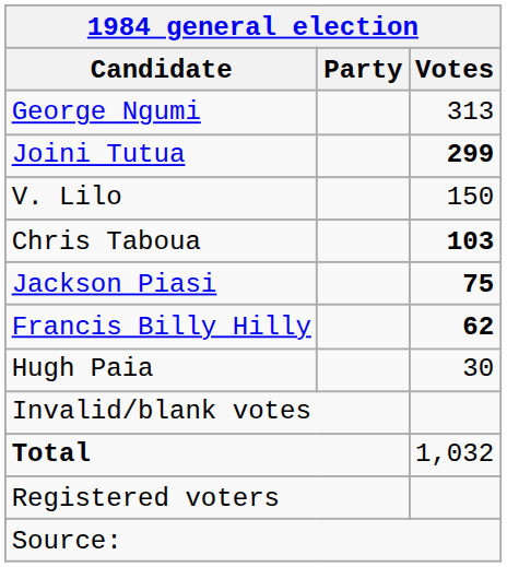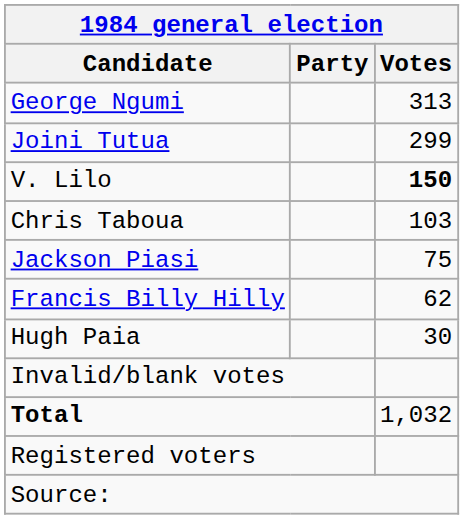 <table class=wikitable style=text-align:left>
 <tr>
 <th colspan=3><a href='#'>1984 general election</a></th>
 </tr>
 <tr>
 <th>Candidate</th>
 <th>Party</th>
 <th>Votes</th>
 </tr>
 <tr>
 <td><a href='#'>George Ngumi</a></td>
 <td></td>
 <td align=right>313</td>
 </tr>
 <tr>
 <td><a href='#'>Joini Tutua</a></td>
 <td></td>
-<td align=right><strong>299</strong></td>
+<td align=right>299</td>
 </tr>
 <tr>
 <td>V. Lilo</td>
 <td></td>
-<td align=right>150</td>
+<td align=right><strong>150</strong></td>
 </tr>
 <tr>
 <td>Chris Taboua</td>
 <td></td>
-<td align=right><strong>103</strong></td>
+<td align=right>103</td>
 </tr>
 <tr>
 <td><a href='#'>Jackson Piasi</a></td>
 <td></td>
-<td align=right><strong>75</strong></td>
+<td align=right>75</td>
 </tr>
 <tr>
 <td><a href='#'>Francis Billy Hilly</a></td>
 <td></td>
-<td align=right><strong>62</strong></td>
+<td align=right>62</td>
 </tr>
 <tr>
 <td>Hugh Paia</td>
 <td></td>
 <td align=right>30</td>
 </tr>
 <tr>
 <td colspan=2>Invalid/blank votes</td>
 <td></td>
 </tr>
 <tr>
 <td colspan=2><strong>Total</strong></td>
 <td align=right>1,032</td>
 </tr>
 <tr>
 <td colspan=2>Registered voters</td>
 <td align=right></td>
 </tr>
 <tr>
 <td colspan=3>Source: </td>
 </tr>
 </table>
